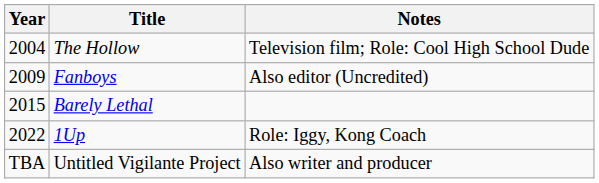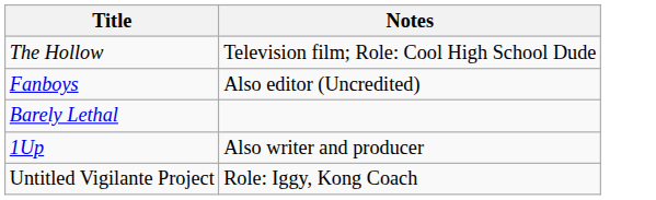 <table class="wikitable">
 <tr>
-<th>Year</th>
 <th>Title</th>
 <th>Notes</th>
 </tr>
 <tr>
-<td>2004</td>
 <td><em>The Hollow</em></td>
 <td>Television film; Role: Cool High School Dude</td>
 </tr>
 <tr>
-<td>2009</td>
 <td><em><a href='#'>Fanboys</a></em></td>
 <td>Also editor (Uncredited)</td>
 </tr>
 <tr>
-<td>2015</td>
 <td><em><a href='#'>Barely Lethal</a></em></td>
 <td></td>
 </tr>
 <tr>
-<td>2022</td>
 <td><em><a href='#'>1Up</a></em></td>
+<td>Also writer and producer</td>
+</tr>
+<tr>
+<td>Untitled Vigilante Project</td>
 <td>Role: Iggy, Kong Coach</td>
 </tr>
-<tr>
-<td>TBA</td>
-<td>Untitled Vigilante Project</td>
-<td>Also writer and producer</td>
-</tr>
 </table>
